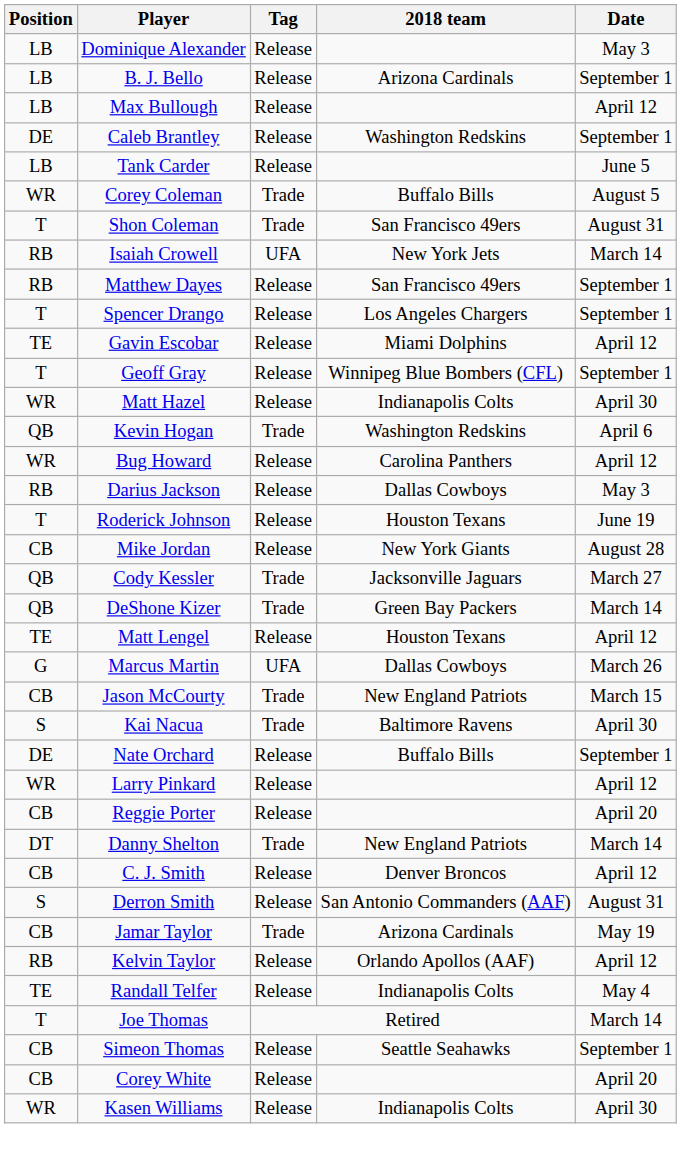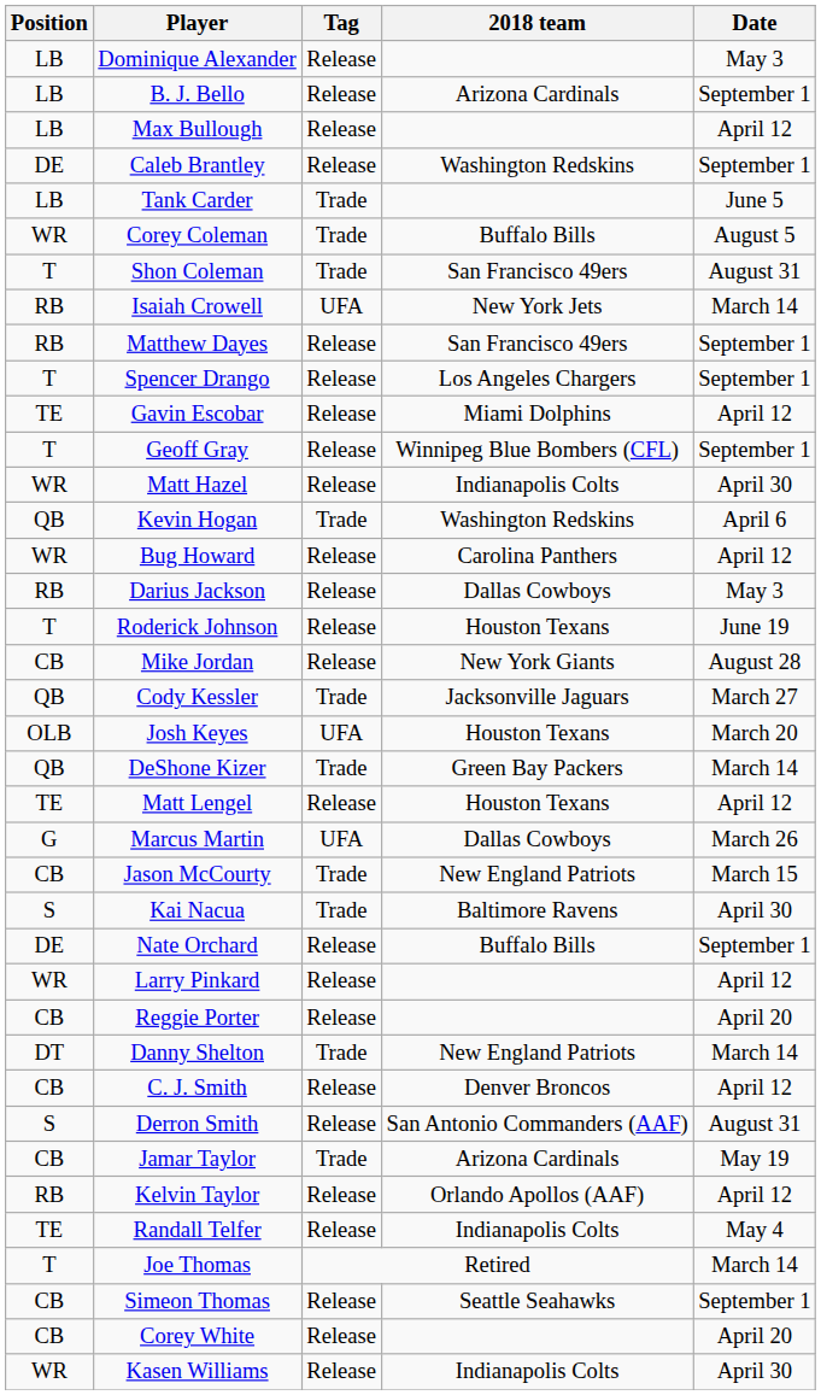 <table class="wikitable" style="text-align:center">
 <tr>
 <th>Position</th>
 <th>Player</th>
 <th>Tag</th>
 <th>2018 team</th>
 <th>Date</th>
 </tr>
 <tr>
 <td>LB</td>
 <td><a href='#'>Dominique Alexander</a></td>
 <td>Release</td>
 <td></td>
 <td>May 3</td>
 </tr>
 <tr>
 <td>LB</td>
 <td><a href='#'>B. J. Bello</a></td>
 <td>Release</td>
 <td>Arizona Cardinals</td>
 <td>September 1</td>
 </tr>
 <tr>
 <td>LB</td>
 <td><a href='#'>Max Bullough</a></td>
 <td>Release</td>
 <td></td>
 <td>April 12</td>
 </tr>
 <tr>
 <td>DE</td>
 <td><a href='#'>Caleb Brantley</a></td>
 <td>Release</td>
 <td>Washington Redskins</td>
 <td>September 1</td>
 </tr>
 <tr>
 <td>LB</td>
 <td><a href='#'>Tank Carder</a></td>
-<td>Release</td>
+<td>Trade</td>
 <td></td>
 <td>June 5</td>
 </tr>
 <tr>
 <td>WR</td>
 <td><a href='#'>Corey Coleman</a></td>
 <td>Trade</td>
 <td>Buffalo Bills</td>
 <td>August 5</td>
 </tr>
 <tr>
 <td>T</td>
 <td><a href='#'>Shon Coleman</a></td>
 <td>Trade</td>
 <td>San Francisco 49ers</td>
 <td>August 31</td>
 </tr>
 <tr>
 <td>RB</td>
 <td><a href='#'>Isaiah Crowell</a></td>
 <td>UFA</td>
 <td>New York Jets</td>
 <td>March 14</td>
 </tr>
 <tr>
 <td>RB</td>
 <td><a href='#'>Matthew Dayes</a></td>
 <td>Release</td>
 <td>San Francisco 49ers</td>
 <td>September 1</td>
 </tr>
 <tr>
 <td>T</td>
 <td><a href='#'>Spencer Drango</a></td>
 <td>Release</td>
 <td>Los Angeles Chargers</td>
 <td>September 1</td>
 </tr>
 <tr>
 <td>TE</td>
 <td><a href='#'>Gavin Escobar</a></td>
 <td>Release</td>
 <td>Miami Dolphins</td>
 <td>April 12</td>
 </tr>
 <tr>
 <td>T</td>
 <td><a href='#'>Geoff Gray</a></td>
 <td>Release</td>
 <td>Winnipeg Blue Bombers (<a href='#'>CFL</a>)</td>
 <td>September 1</td>
 </tr>
 <tr>
 <td>WR</td>
 <td><a href='#'>Matt Hazel</a></td>
 <td>Release</td>
 <td>Indianapolis Colts</td>
 <td>April 30</td>
 </tr>
 <tr>
 <td>QB</td>
 <td><a href='#'>Kevin Hogan</a></td>
 <td>Trade</td>
 <td>Washington Redskins</td>
 <td>April 6</td>
 </tr>
 <tr>
 <td>WR</td>
 <td><a href='#'>Bug Howard</a></td>
 <td>Release</td>
 <td>Carolina Panthers</td>
 <td>April 12</td>
 </tr>
 <tr>
 <td>RB</td>
 <td><a href='#'>Darius Jackson</a></td>
 <td>Release</td>
 <td>Dallas Cowboys</td>
 <td>May 3</td>
 </tr>
 <tr>
 <td>T</td>
 <td><a href='#'>Roderick Johnson</a></td>
 <td>Release</td>
 <td>Houston Texans</td>
 <td>June 19</td>
 </tr>
 <tr>
 <td>CB</td>
 <td><a href='#'>Mike Jordan</a></td>
 <td>Release</td>
 <td>New York Giants</td>
 <td>August 28</td>
 </tr>
 <tr>
 <td>QB</td>
 <td><a href='#'>Cody Kessler</a></td>
 <td>Trade</td>
 <td>Jacksonville Jaguars</td>
 <td>March 27</td>
+</tr>
+<tr>
+<td>OLB</td>
+<td><a href='#'>Josh Keyes</a></td>
+<td>UFA</td>
+<td>Houston Texans</td>
+<td>March 20</td>
 </tr>
 <tr>
 <td>QB</td>
 <td><a href='#'>DeShone Kizer</a></td>
 <td>Trade</td>
 <td>Green Bay Packers</td>
 <td>March 14</td>
 </tr>
 <tr>
 <td>TE</td>
 <td><a href='#'>Matt Lengel</a></td>
 <td>Release</td>
 <td>Houston Texans</td>
 <td>April 12</td>
 </tr>
 <tr>
 <td>G</td>
 <td><a href='#'>Marcus Martin</a></td>
 <td>UFA</td>
 <td>Dallas Cowboys</td>
 <td>March 26</td>
 </tr>
 <tr>
 <td>CB</td>
 <td><a href='#'>Jason McCourty</a></td>
 <td>Trade</td>
 <td>New England Patriots</td>
 <td>March 15</td>
 </tr>
 <tr>
 <td>S</td>
 <td><a href='#'>Kai Nacua</a></td>
 <td>Trade</td>
 <td>Baltimore Ravens</td>
 <td>April 30</td>
 </tr>
 <tr>
 <td>DE</td>
 <td><a href='#'>Nate Orchard</a></td>
 <td>Release</td>
 <td>Buffalo Bills</td>
 <td>September 1</td>
 </tr>
 <tr>
 <td>WR</td>
 <td><a href='#'>Larry Pinkard</a></td>
 <td>Release</td>
 <td></td>
 <td>April 12</td>
 </tr>
 <tr>
 <td>CB</td>
 <td><a href='#'>Reggie Porter</a></td>
 <td>Release</td>
 <td></td>
 <td>April 20</td>
 </tr>
 <tr>
 <td>DT</td>
 <td><a href='#'>Danny Shelton</a></td>
 <td>Trade</td>
 <td>New England Patriots</td>
 <td>March 14</td>
 </tr>
 <tr>
 <td>CB</td>
 <td><a href='#'>C. J. Smith</a></td>
 <td>Release</td>
 <td>Denver Broncos</td>
 <td>April 12</td>
 </tr>
 <tr>
 <td>S</td>
 <td><a href='#'>Derron Smith</a></td>
 <td>Release</td>
 <td>San Antonio Commanders (<a href='#'>AAF</a>)</td>
 <td>August 31</td>
 </tr>
 <tr>
 <td>CB</td>
 <td><a href='#'>Jamar Taylor</a></td>
 <td>Trade</td>
 <td>Arizona Cardinals</td>
 <td>May 19</td>
 </tr>
 <tr>
 <td>RB</td>
 <td><a href='#'>Kelvin Taylor</a></td>
 <td>Release</td>
 <td>Orlando Apollos (AAF)</td>
 <td>April 12</td>
 </tr>
 <tr>
 <td>TE</td>
 <td><a href='#'>Randall Telfer</a></td>
 <td>Release</td>
 <td>Indianapolis Colts</td>
 <td>May 4</td>
 </tr>
 <tr>
 <td>T</td>
 <td><a href='#'>Joe Thomas</a></td>
 <td colspan="2">Retired</td>
 <td>March 14</td>
 </tr>
 <tr>
 <td>CB</td>
 <td><a href='#'>Simeon Thomas</a></td>
 <td>Release</td>
 <td>Seattle Seahawks</td>
 <td>September 1</td>
 </tr>
 <tr>
 <td>CB</td>
 <td><a href='#'>Corey White</a></td>
 <td>Release</td>
 <td></td>
 <td>April 20</td>
 </tr>
 <tr>
 <td>WR</td>
 <td><a href='#'>Kasen Williams</a></td>
 <td>Release</td>
 <td>Indianapolis Colts</td>
 <td>April 30</td>
 </tr>
 </table>
